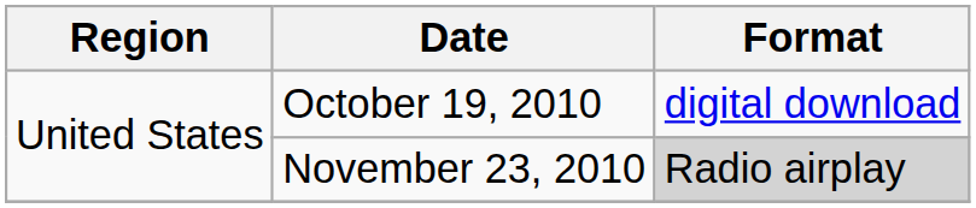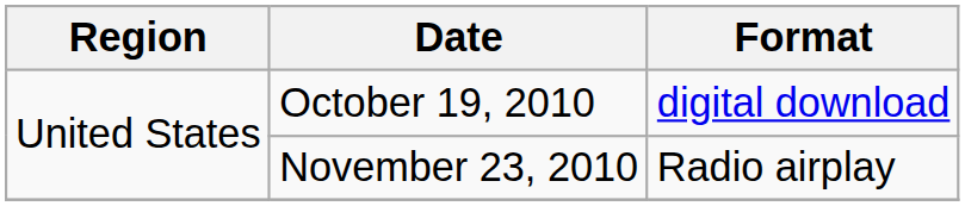 <table class="wikitable">
 <tr>
 <th>Region</th>
 <th>Date</th>
 <th>Format</th>
 </tr>
 <tr>
 <td rowspan="2">United States</td>
 <td>October 19, 2010</td>
 <td><a href='#'>digital download</a></td>
 </tr>
 <tr>
 <td>November 23, 2010</td>
-<td style="background: lightgrey;">Radio airplay</td>
+<td>Radio airplay</td>
 </tr>
 <tr>
 </tr>
 </table>
